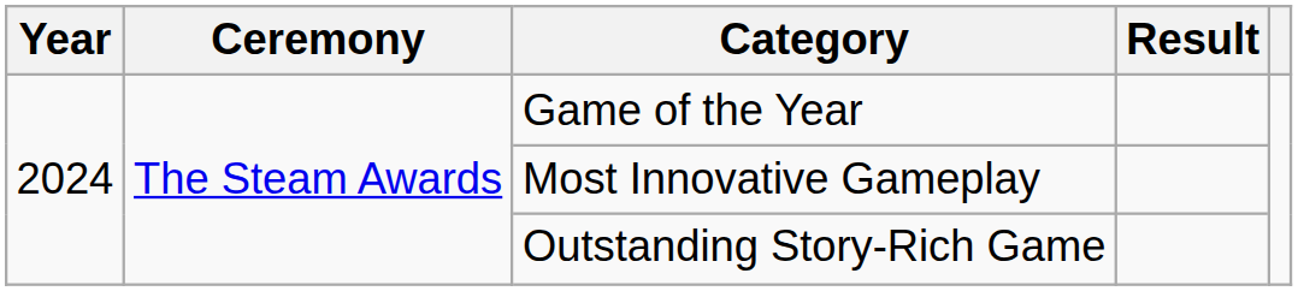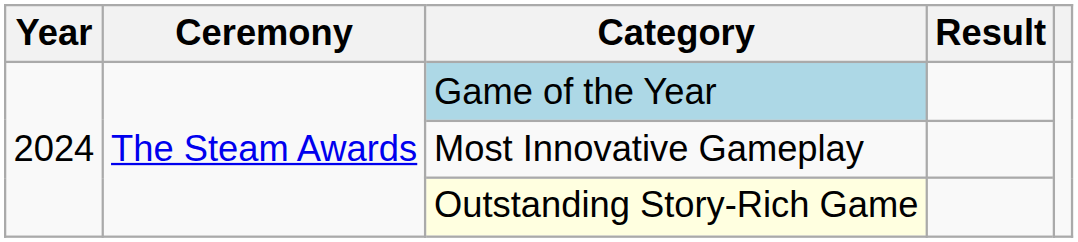 <table class="wikitable plainrowheaders" width="auto">
 <tr>
 <th scope="col">Year</th>
 <th scope="col">Ceremony</th>
 <th scope="col">Category</th>
 <th>Result</th>
 <th class="unsortable" scope="col"></th>
 </tr>
 <tr>
 <td rowspan="3">2024</td>
 <td rowspan="3"><a href='#'>The Steam Awards</a></td>
-<td>Game of the Year</td>
+<td style="background: lightblue;">Game of the Year</td>
 <td></td>
 <td rowspan="3"></td>
 </tr>
 <tr>
 <td>Most Innovative Gameplay</td>
 <td></td>
 </tr>
 <tr>
-<td>Outstanding Story-Rich Game</td>
+<td style="background: lightyellow;">Outstanding Story-Rich Game</td>
 <td></td>
 </tr>
 </table>
